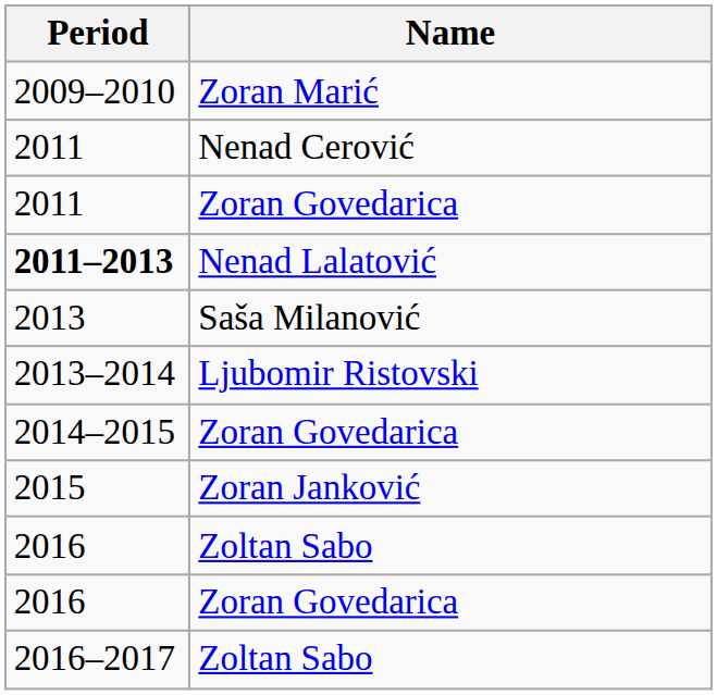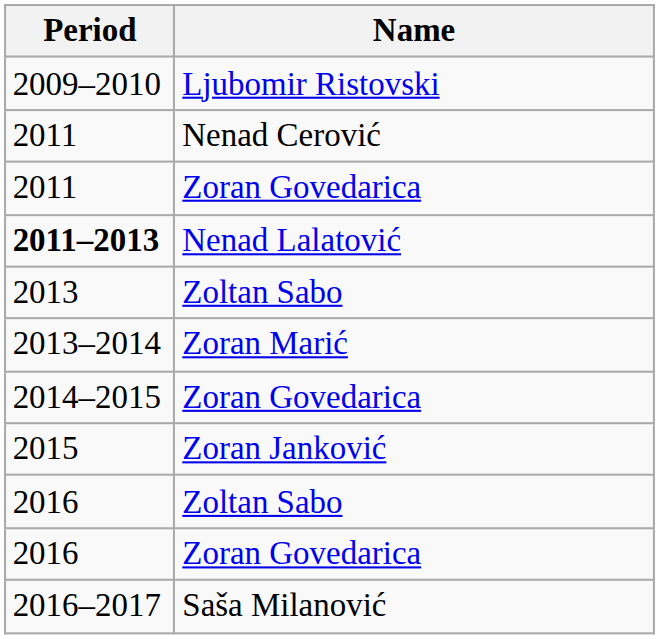 <table class="wikitable">
 <tr>
 <th width="75">Period</th>
 <th width="225">Name</th>
 </tr>
 <tr>
 <td>2009–2010</td>
-<td> <a href='#'>Zoran Marić</a></td>
+<td> <a href='#'>Ljubomir Ristovski</a></td>
 </tr>
 <tr>
 <td>2011</td>
 <td> Nenad Cerović</td>
 </tr>
 <tr>
 <td>2011</td>
 <td> <a href='#'>Zoran Govedarica</a></td>
 </tr>
 <tr>
 <td><strong>2011–2013</strong></td>
 <td> <a href='#'>Nenad Lalatović</a></td>
 </tr>
 <tr>
 <td>2013</td>
-<td> Saša Milanović</td>
+<td> <a href='#'>Zoltan Sabo</a></td>
 </tr>
 <tr>
 <td>2013–2014</td>
-<td> <a href='#'>Ljubomir Ristovski</a></td>
+<td> <a href='#'>Zoran Marić</a></td>
 </tr>
 <tr>
 <td>2014–2015</td>
 <td> <a href='#'>Zoran Govedarica</a></td>
 </tr>
 <tr>
 <td>2015</td>
 <td> <a href='#'>Zoran Janković</a></td>
 </tr>
 <tr>
 <td>2016</td>
 <td> <a href='#'>Zoltan Sabo</a></td>
 </tr>
 <tr>
 <td>2016</td>
 <td> <a href='#'>Zoran Govedarica</a></td>
 </tr>
 <tr>
 <td>2016–2017</td>
-<td> <a href='#'>Zoltan Sabo</a></td>
+<td> Saša Milanović</td>
 </tr>
 </table>
